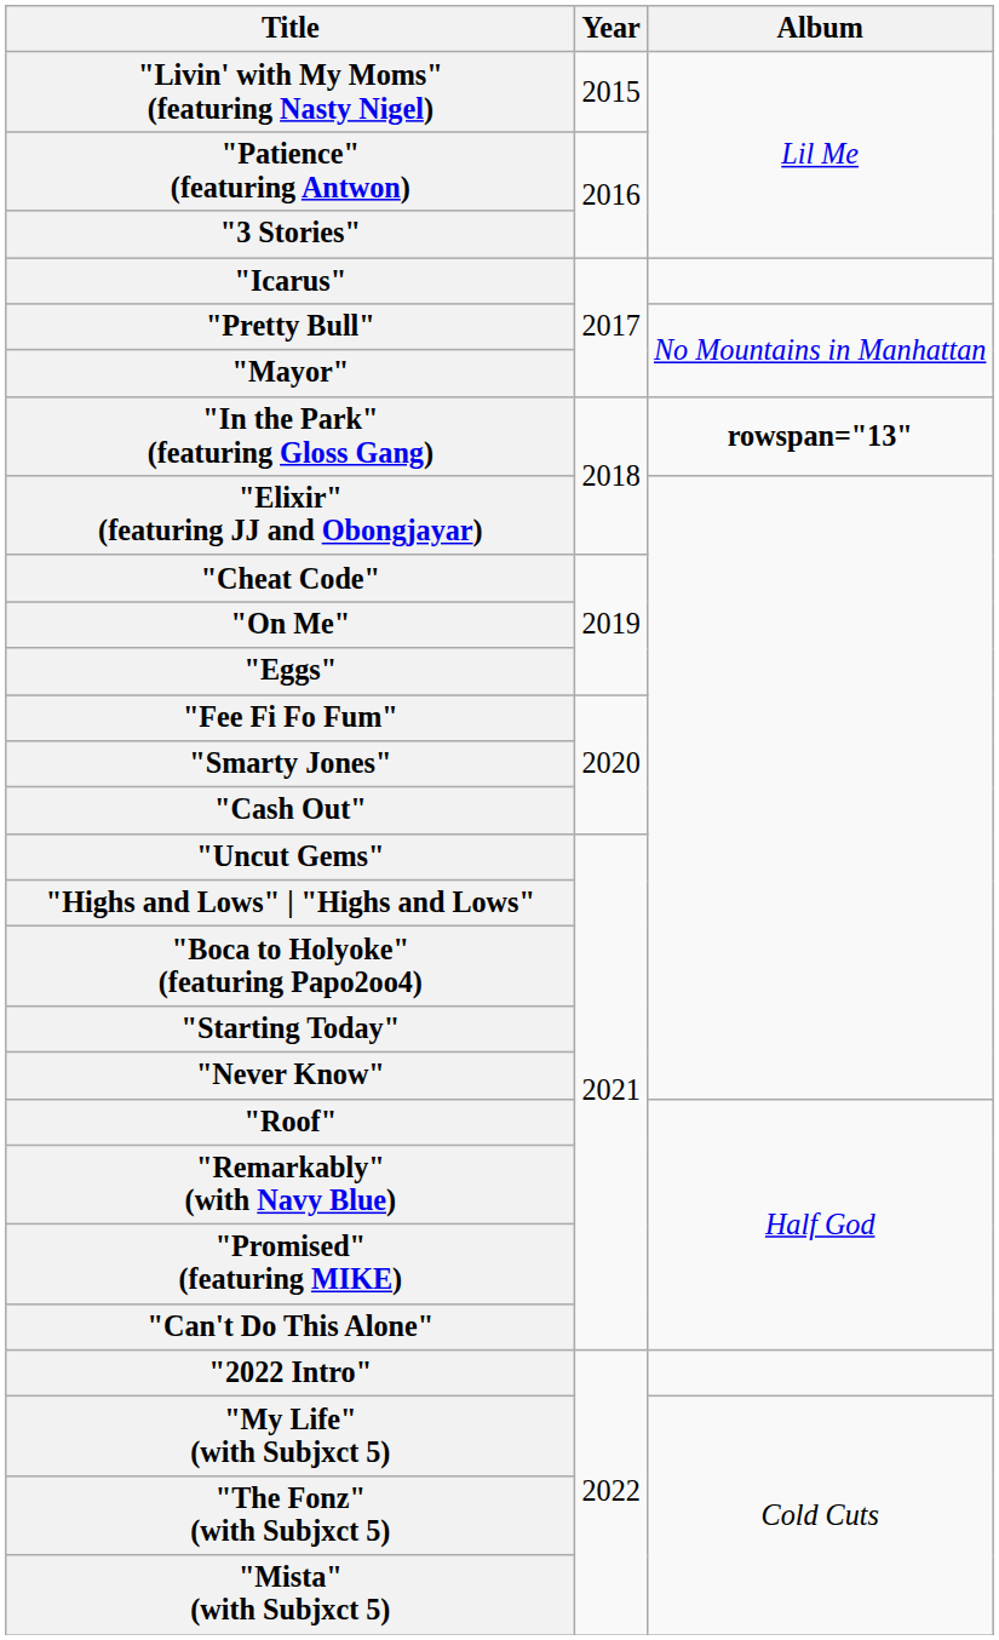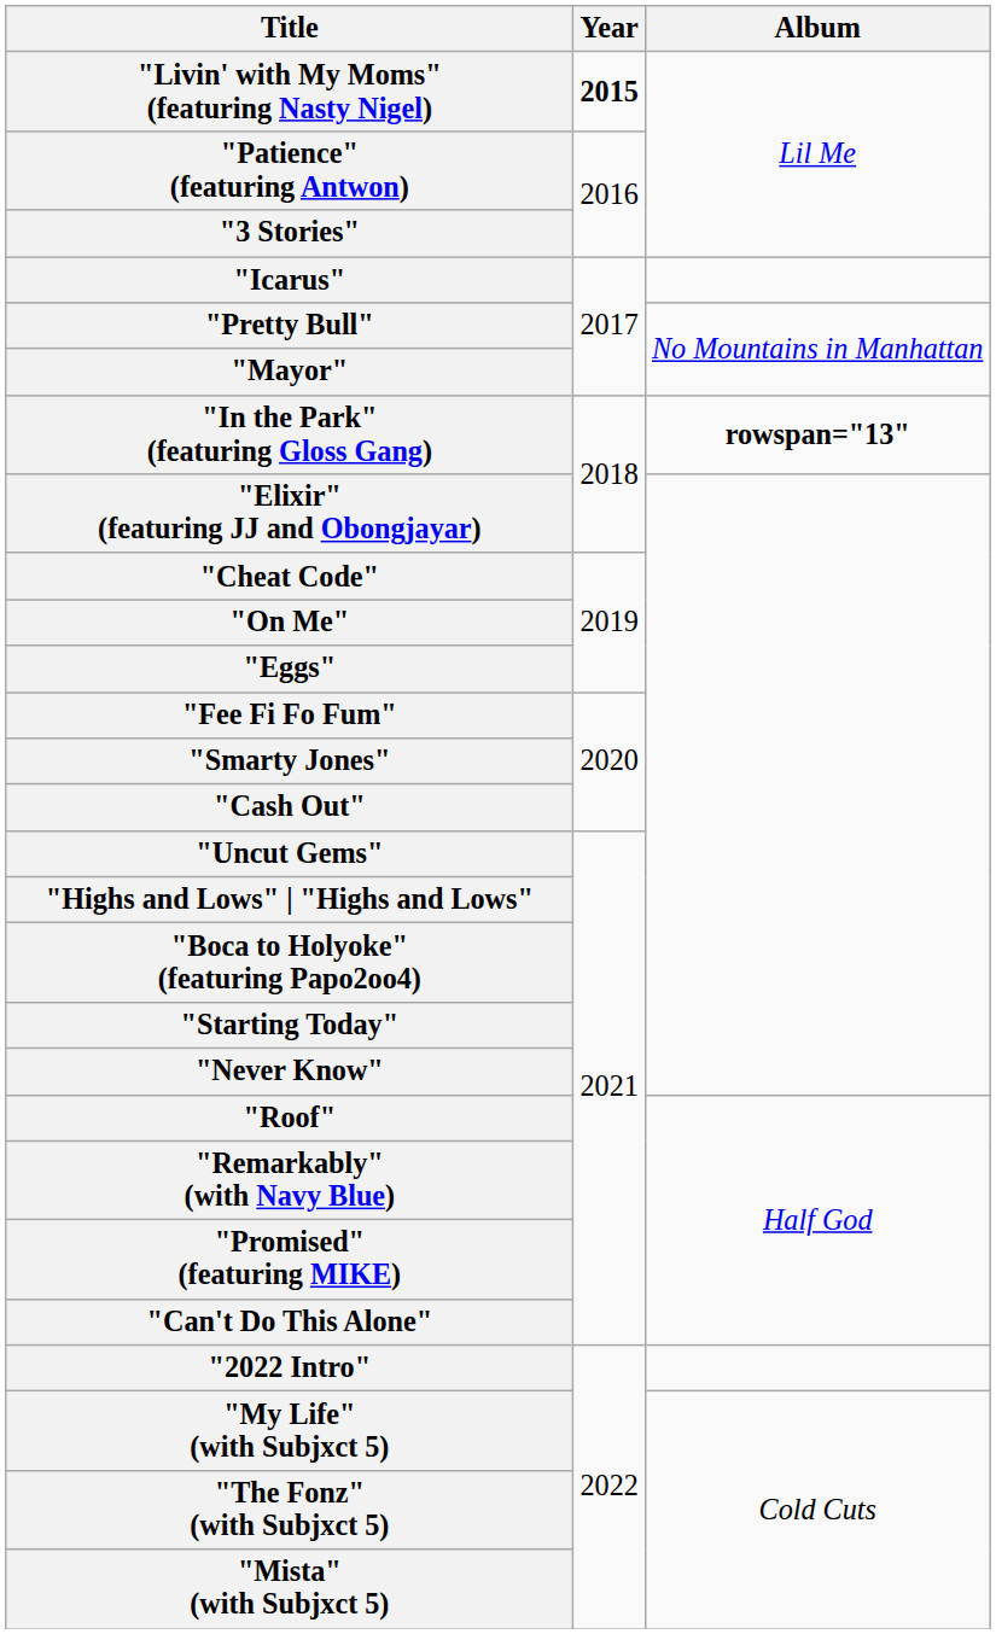 <table class="wikitable plainrowheaders" style="text-align:center;">
 <tr>
 <th scope="col" style="width:19em;">Title</th>
 <th scope="col">Year</th>
 <th scope="col">Album</th>
 </tr>
 <tr>
 <th scope="row">"Livin' with My Moms"<br><span>(featuring <a href='#'>Nasty Nigel</a>)</span></th>
-<td>2015</td>
+<td><strong>2015</strong></td>
 <td rowspan="3"><em><a href='#'>Lil Me</a></em></td>
 </tr>
 <tr>
 <th scope="row">"Patience"<br><span>(featuring <a href='#'>Antwon</a>)</span></th>
 <td rowspan="2">2016</td>
 </tr>
 <tr>
 <th scope="row">"3 Stories"</th>
 </tr>
 <tr>
 <th scope="row">"Icarus"</th>
 <td rowspan="3">2017</td>
 <td></td>
 </tr>
 <tr>
 <th scope="row">"Pretty Bull"</th>
 <td rowspan="2"><em><a href='#'>No Mountains in Manhattan</a></em></td>
 </tr>
 <tr>
 <th scope="row">"Mayor"</th>
 </tr>
 <tr>
 <th scope="row">"In the Park"<br><span>(featuring <a href='#'>Gloss Gang</a>)</span></th>
 <td rowspan="2">2018</td>
 <td><strong>rowspan="13" </strong></td>
 </tr>
 <tr>
 <th scope="row">"Elixir"<br><span>(featuring JJ and <a href='#'>Obongjayar</a>)</span></th>
 </tr>
 <tr>
 <th scope="row">"Cheat Code"</th>
 <td rowspan="3">2019</td>
 </tr>
 <tr>
 <th scope="row">"On Me"</th>
 </tr>
 <tr>
 <th scope="row">"Eggs"</th>
 </tr>
 <tr>
 <th scope="row">"Fee Fi Fo Fum"</th>
 <td rowspan="3">2020</td>
 </tr>
 <tr>
 <th scope="row">"Smarty Jones"</th>
 </tr>
 <tr>
 <th scope="row">"Cash Out"</th>
 </tr>
 <tr>
 <th scope="row">"Uncut Gems"</th>
 <td rowspan="9">2021</td>
 </tr>
 <tr>
 <th scope="row">"Highs and Lows" | "Highs and Lows"</th>
 </tr>
 <tr>
 <th scope="row">"Boca to Holyoke"<br><span>(featuring Papo2oo4)</span></th>
 </tr>
 <tr>
 <th scope="row">"Starting Today"</th>
 </tr>
 <tr>
 <th scope="row">"Never Know"</th>
 </tr>
 <tr>
 <th scope="row">"Roof"</th>
 <td rowspan="4"><em><a href='#'>Half God</a></em></td>
 </tr>
 <tr>
 <th scope="row">"Remarkably"<br><span>(with <a href='#'>Navy Blue</a>)</span></th>
 </tr>
 <tr>
 <th scope="row">"Promised"<br><span>(featuring <a href='#'>MIKE</a>)</span></th>
 </tr>
 <tr>
 <th scope="row">"Can't Do This Alone"</th>
 </tr>
 <tr>
 <th scope="row">"2022 Intro"</th>
 <td rowspan="4">2022</td>
 <td></td>
 </tr>
 <tr>
 <th scope="row">"My Life" <br><span>(with Subjxct 5)</span></th>
 <td rowspan="3"><em>Cold Cuts</em></td>
 </tr>
 <tr>
 <th scope="row">"The Fonz" <br><span>(with Subjxct 5)</span></th>
 </tr>
 <tr>
 <th scope="row">"Mista" <br><span>(with Subjxct 5)</span></th>
 </tr>
 </table>
